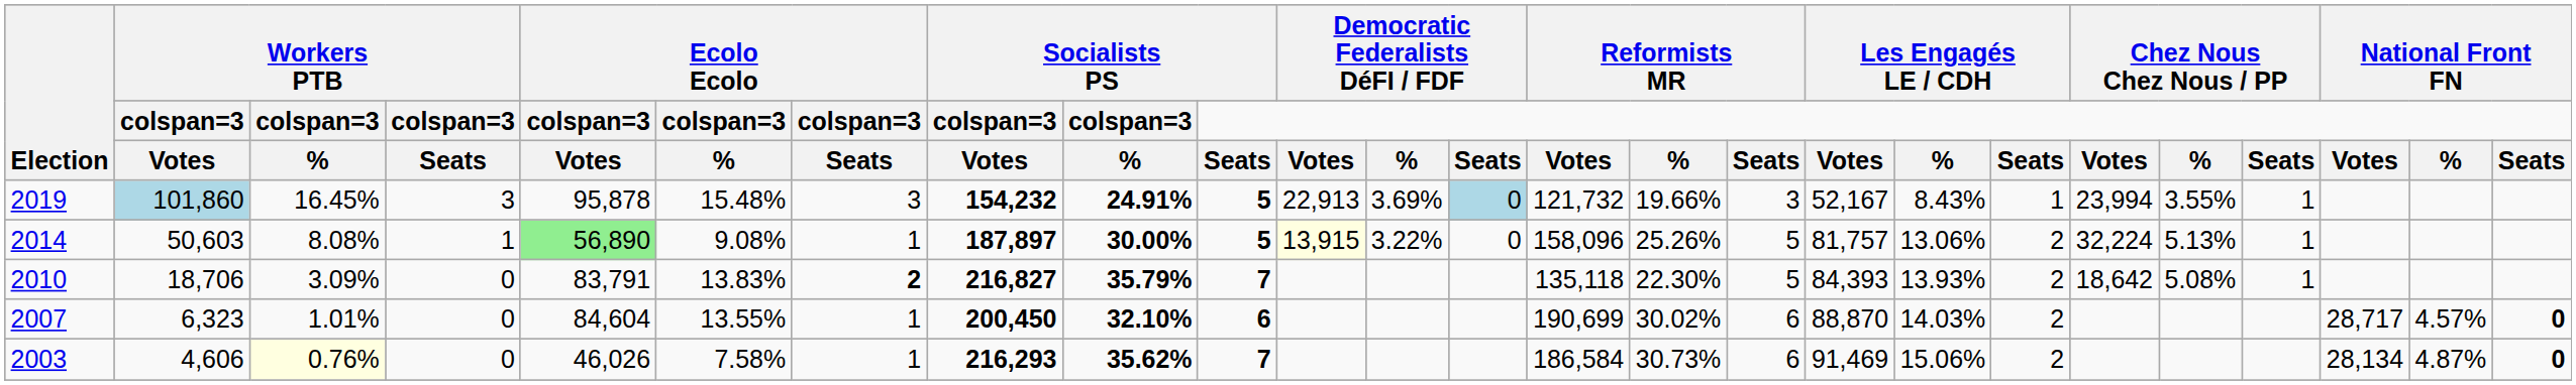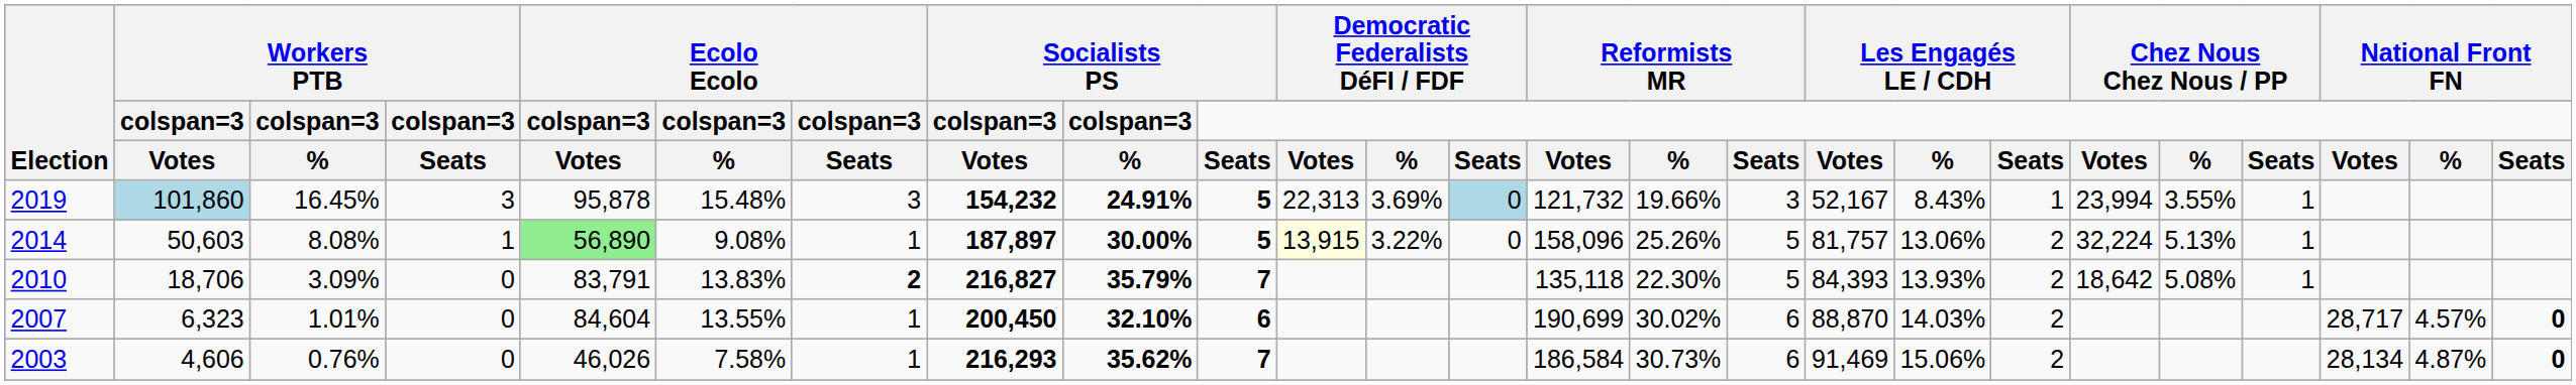 <table class="wikitable" border="1" style="font-size:95%; text-align:right;">
 <tr>
 <th style="text-align:left;" valign=bottom rowspan=3>Election</th>
 <th valign=bottom colspan=3><a href='#'>Workers</a><br>PTB</th>
 <th valign=bottom colspan=3><a href='#'>Ecolo</a><br>Ecolo</th>
 <th valign=bottom colspan=3><a href='#'>Socialists</a><br>PS</th>
 <th valign=bottom colspan=3><a href='#'>Democratic Federalists</a><br>DéFI / FDF</th>
 <th valign=bottom colspan=3><a href='#'>Reformists</a><br>MR</th>
 <th valign=bottom colspan=3><a href='#'>Les Engagés</a><br>LE / CDH</th>
 <th valign=bottom colspan=3><a href='#'>Chez Nous</a><br>Chez Nous / PP</th>
 <th valign=bottom colspan=3><a href='#'>National Front</a><br>FN</th>
 </tr>
 <tr>
 <th>colspan=3 </th>
 <th>colspan=3 </th>
 <th>colspan=3 </th>
 <th>colspan=3 </th>
 <th>colspan=3 </th>
 <th>colspan=3 </th>
 <th>colspan=3 </th>
 <th>colspan=3 </th>
 </tr>
 <tr>
 <th>Votes</th>
 <th>%</th>
 <th>Seats</th>
 <th>Votes</th>
 <th>%</th>
 <th>Seats</th>
 <th>Votes</th>
 <th>%</th>
 <th>Seats</th>
 <th>Votes</th>
 <th>%</th>
 <th>Seats</th>
 <th>Votes</th>
 <th>%</th>
 <th>Seats</th>
 <th>Votes</th>
 <th>%</th>
 <th>Seats</th>
 <th>Votes</th>
 <th>%</th>
 <th>Seats</th>
 <th>Votes</th>
 <th>%</th>
 <th>Seats</th>
 </tr>
 <tr>
 <td align=left><a href='#'>2019</a></td>
 <td style="background: lightblue;">101,860</td>
 <td>16.45%</td>
 <td>3</td>
 <td>95,878</td>
 <td>15.48%</td>
 <td>3</td>
 <td><strong>154,232</strong></td>
 <td><strong>24.91%</strong></td>
 <td><strong>5</strong></td>
-<td>22,913</td>
+<td>22,313</td>
 <td>3.69%</td>
 <td style="background: lightblue;">0</td>
 <td>121,732</td>
 <td>19.66%</td>
 <td>3</td>
 <td>52,167</td>
 <td>8.43%</td>
 <td>1</td>
 <td>23,994</td>
 <td>3.55%</td>
 <td>1</td>
 <td></td>
 <td></td>
 <td></td>
 </tr>
 <tr>
 <td align=left><a href='#'>2014</a></td>
 <td>50,603</td>
 <td>8.08%</td>
 <td>1</td>
 <td style="background: lightgreen;">56,890</td>
 <td>9.08%</td>
 <td>1</td>
 <td><strong>187,897</strong></td>
 <td><strong>30.00%</strong></td>
 <td><strong>5</strong></td>
 <td style="background: lightyellow;">13,915</td>
 <td>3.22%</td>
 <td>0</td>
 <td>158,096</td>
 <td>25.26%</td>
 <td>5</td>
 <td>81,757</td>
 <td>13.06%</td>
 <td>2</td>
 <td>32,224</td>
 <td>5.13%</td>
 <td>1</td>
 <td></td>
 <td></td>
 <td></td>
 </tr>
 <tr>
 <td align=left><a href='#'>2010</a></td>
 <td>18,706</td>
 <td>3.09%</td>
 <td>0</td>
 <td>83,791</td>
 <td>13.83%</td>
 <td><strong>2</strong></td>
 <td><strong>216,827</strong></td>
 <td><strong>35.79%</strong></td>
 <td><strong>7</strong></td>
 <td></td>
 <td></td>
 <td></td>
 <td>135,118</td>
 <td>22.30%</td>
 <td>5</td>
 <td>84,393</td>
 <td>13.93%</td>
 <td>2</td>
 <td>18,642</td>
 <td>5.08%</td>
 <td>1</td>
 <td></td>
 <td></td>
 <td></td>
 </tr>
 <tr>
 <td align=left><a href='#'>2007</a></td>
 <td>6,323</td>
 <td>1.01%</td>
 <td>0</td>
 <td>84,604</td>
 <td>13.55%</td>
 <td>1</td>
 <td><strong>200,450</strong></td>
 <td><strong>32.10%</strong></td>
 <td><strong>6</strong></td>
 <td></td>
 <td></td>
 <td></td>
 <td>190,699</td>
 <td>30.02%</td>
 <td>6</td>
 <td>88,870</td>
 <td>14.03%</td>
 <td>2</td>
 <td></td>
 <td></td>
 <td></td>
 <td>28,717</td>
 <td>4.57%</td>
 <td><strong>0</strong></td>
 </tr>
 <tr>
 <td align=left><a href='#'>2003</a></td>
 <td>4,606</td>
-<td style="background: lightyellow;">0.76%</td>
+<td>0.76%</td>
 <td>0</td>
 <td>46,026</td>
 <td>7.58%</td>
 <td>1</td>
 <td><strong>216,293</strong></td>
 <td><strong>35.62%</strong></td>
 <td><strong>7</strong></td>
 <td></td>
 <td></td>
 <td></td>
 <td>186,584</td>
 <td>30.73%</td>
 <td>6</td>
 <td>91,469</td>
 <td>15.06%</td>
 <td>2</td>
 <td></td>
 <td></td>
 <td></td>
 <td>28,134</td>
 <td>4.87%</td>
 <td><strong>0</strong></td>
 </tr>
 </table>
